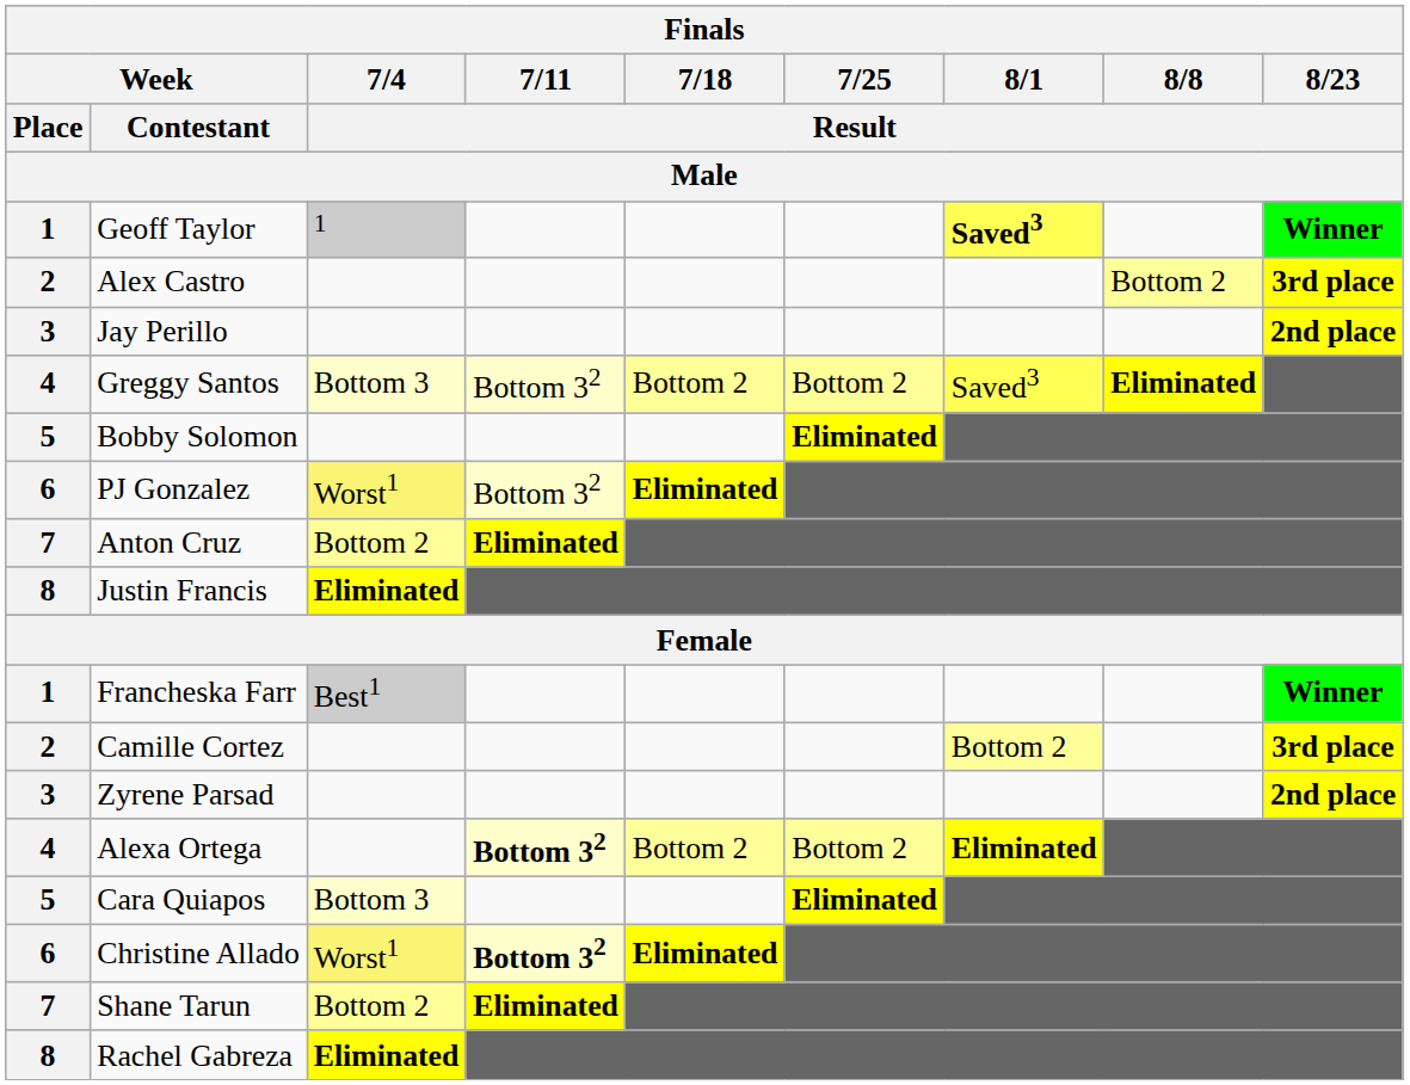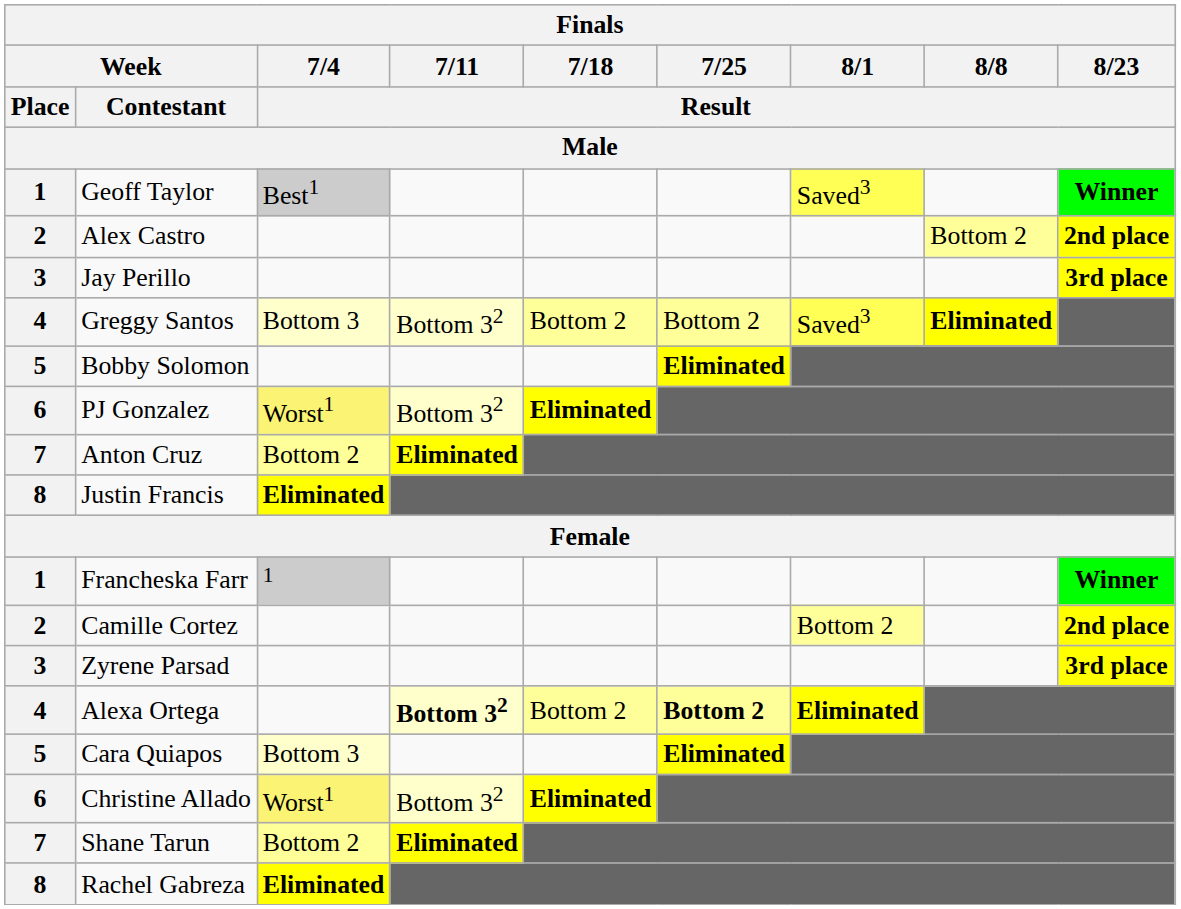 <table class="wikitable">
 <tr>
 <th colspan="11">Finals</th>
 </tr>
 <tr>
 <th colspan="2">Week</th>
 <th>7/4</th>
 <th>7/11</th>
 <th>7/18</th>
 <th>7/25</th>
 <th>8/1</th>
 <th>8/8</th>
 <th>8/23</th>
 </tr>
 <tr>
 <th>Place</th>
 <th>Contestant</th>
 <th colspan=15>Result</th>
 </tr>
 <tr>
 <th colspan="11">Male</th>
 </tr>
 <tr>
 <th>1</th>
 <td>Geoff Taylor</td>
-<td style="background:#ccc;"><sup>1</sup></td>
+<td style="background:#ccc;">Best<sup>1</sup></td>
 <td></td>
 <td></td>
 <td></td>
-<td style="background:#ff5;"><strong>Saved<sup>3</sup></strong></td>
+<td style="background:#ff5;">Saved<sup>3</sup></td>
 <td></td>
 <th style="background:lime;">Winner</th>
 </tr>
 <tr>
 <th>2</th>
 <td>Alex Castro</td>
 <td></td>
 <td></td>
 <td></td>
 <td></td>
 <td></td>
 <td style="background:#ff9;">Bottom 2</td>
-<th style="background:#ff0;">3rd place</th>
+<th style="background:#ff0;">2nd place</th>
 </tr>
 <tr>
 <th>3</th>
 <td>Jay Perillo</td>
 <td></td>
 <td></td>
 <td></td>
 <td></td>
 <td></td>
 <td></td>
-<th style="background:#ff0;">2nd place</th>
+<th style="background:#ff0;">3rd place</th>
 </tr>
 <tr>
 <th>4</th>
 <td>Greggy Santos</td>
 <td style="background:#ffc;">Bottom 3</td>
 <td style="background:#ffc;">Bottom 3<sup>2</sup></td>
 <td style="background:#ff9;">Bottom 2</td>
 <td style="background:#ff9;">Bottom 2</td>
 <td style="background:#ff5;">Saved<sup>3</sup></td>
 <th style="background:#ff0;">Eliminated</th>
 <td colspan="4" style="background:#666;"></td>
 </tr>
 <tr>
 <th>5</th>
 <td>Bobby Solomon</td>
 <td></td>
 <td></td>
 <td></td>
 <th style="background:#ff0;">Eliminated</th>
 <td colspan="5" style="background:#666;"></td>
 </tr>
 <tr>
 <th>6</th>
 <td>PJ Gonzalez</td>
 <td style="background:#fbf373;">Worst<sup>1</sup></td>
 <td style="background:#ffc;">Bottom 3<sup>2</sup></td>
 <th style="background:#ff0;">Eliminated</th>
 <td colspan="6" style="background:#666;"></td>
 </tr>
 <tr>
 <th>7</th>
 <td>Anton Cruz</td>
 <td style="background:#ff9;">Bottom 2</td>
 <th style="background:#ff0;">Eliminated</th>
 <td colspan="7" style="background:#666;"></td>
 </tr>
 <tr>
 <th>8</th>
 <td>Justin Francis</td>
 <th style="background:#ff0;">Eliminated</th>
 <td colspan="8" style="background:#666;"></td>
 </tr>
 <tr>
 <th colspan="11">Female</th>
 </tr>
 <tr>
 <th>1</th>
 <td>Francheska Farr</td>
-<td style="background:#ccc;">Best<sup>1</sup></td>
+<td style="background:#ccc;"><sup>1</sup></td>
 <td></td>
 <td></td>
 <td></td>
 <td></td>
 <td></td>
 <th style="background:lime;">Winner</th>
 </tr>
 <tr>
 <th>2</th>
 <td>Camille Cortez</td>
 <td></td>
 <td></td>
 <td></td>
 <td></td>
 <td style="background:#ff9;">Bottom 2</td>
 <td></td>
-<th style="background:#ff0;">3rd place</th>
+<th style="background:#ff0;">2nd place</th>
 </tr>
 <tr>
 <th>3</th>
 <td>Zyrene Parsad</td>
 <td></td>
 <td></td>
 <td></td>
 <td></td>
 <td></td>
 <td></td>
-<th style="background:#ff0;">2nd place</th>
+<th style="background:#ff0;">3rd place</th>
 </tr>
 <tr>
 <th>4</th>
 <td>Alexa Ortega</td>
 <td></td>
 <td style="background:#ffc;"><strong>Bottom 3<sup>2</sup></strong></td>
 <td style="background:#ff9;">Bottom 2</td>
-<td style="background:#ff9;">Bottom 2</td>
+<td style="background:#ff9;"><strong>Bottom 2</strong></td>
 <th style="background:#ff0;">Eliminated</th>
 <td colspan="4" style="background:#666;"></td>
 </tr>
 <tr>
 <th>5</th>
 <td>Cara Quiapos</td>
 <td style="background:#ffc;">Bottom 3</td>
 <td></td>
 <td></td>
 <th style="background:#ff0;">Eliminated</th>
 <td colspan="5" style="background:#666;"></td>
 </tr>
 <tr>
 <th>6</th>
 <td>Christine Allado</td>
 <td style="background:#fbf373;">Worst<sup>1</sup></td>
-<td style="background:#ffc;"><strong>Bottom 3<sup>2</sup></strong></td>
+<td style="background:#ffc;">Bottom 3<sup>2</sup></td>
 <th style="background:#ff0;">Eliminated</th>
 <td colspan="6" style="background:#666;"></td>
 </tr>
 <tr>
 <th>7</th>
 <td>Shane Tarun</td>
 <td style="background:#ff9;">Bottom 2</td>
 <th style="background:#ff0;">Eliminated</th>
 <td colspan="7" style="background:#666;"></td>
 </tr>
 <tr>
 <th>8</th>
 <td>Rachel Gabreza</td>
 <th style="background:#ff0;">Eliminated</th>
 <td colspan="8" style="background:#666;"></td>
 </tr>
 </table>
